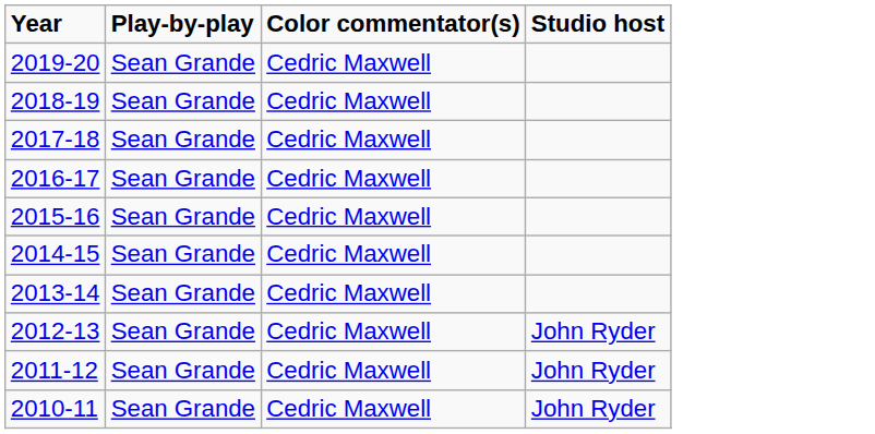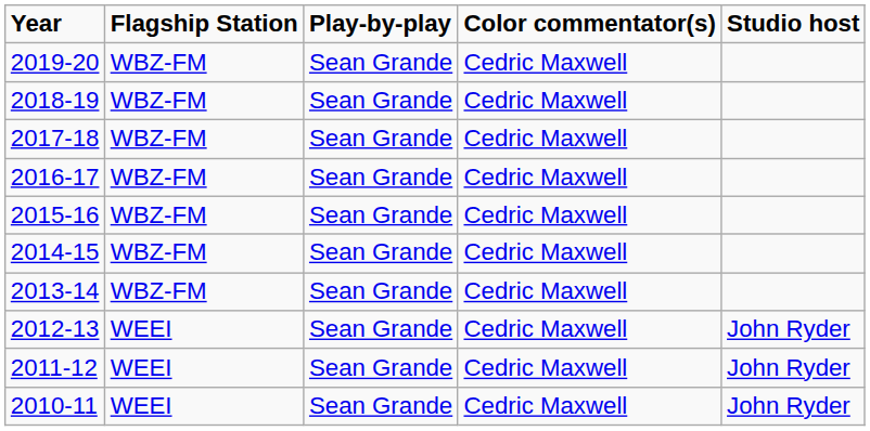 <table class="wikitable">
 <tr>
 <td><strong>Year</strong></td>
+<td><strong>Flagship Station</strong></td>
 <td><strong>Play-by-play</strong></td>
 <td><strong>Color commentator(s)</strong></td>
 <td><strong>Studio host</strong></td>
 </tr>
 <tr>
 <td><a href='#'>2019-20</a></td>
+<td><a href='#'>WBZ-FM</a></td>
 <td><a href='#'>Sean Grande</a></td>
 <td><a href='#'>Cedric Maxwell</a></td>
 <td></td>
 </tr>
 <tr>
 <td><a href='#'>2018-19</a></td>
+<td><a href='#'>WBZ-FM</a></td>
 <td><a href='#'>Sean Grande</a></td>
 <td><a href='#'>Cedric Maxwell</a></td>
 <td></td>
 </tr>
 <tr>
 <td><a href='#'>2017-18</a></td>
+<td><a href='#'>WBZ-FM</a></td>
 <td><a href='#'>Sean Grande</a></td>
 <td><a href='#'>Cedric Maxwell</a></td>
 <td></td>
 </tr>
 <tr>
 <td><a href='#'>2016-17</a></td>
+<td><a href='#'>WBZ-FM</a></td>
 <td><a href='#'>Sean Grande</a></td>
 <td><a href='#'>Cedric Maxwell</a></td>
 <td></td>
 </tr>
 <tr>
 <td><a href='#'>2015-16</a></td>
+<td><a href='#'>WBZ-FM</a></td>
 <td><a href='#'>Sean Grande</a></td>
 <td><a href='#'>Cedric Maxwell</a></td>
 <td></td>
 </tr>
 <tr>
 <td><a href='#'>2014-15</a></td>
+<td><a href='#'>WBZ-FM</a></td>
 <td><a href='#'>Sean Grande</a></td>
 <td><a href='#'>Cedric Maxwell</a></td>
 <td></td>
 </tr>
 <tr>
 <td><a href='#'>2013-14</a></td>
+<td><a href='#'>WBZ-FM</a></td>
 <td><a href='#'>Sean Grande</a></td>
 <td><a href='#'>Cedric Maxwell</a></td>
 <td></td>
 </tr>
 <tr>
 <td><a href='#'>2012-13</a></td>
+<td><a href='#'>WEEI</a></td>
 <td><a href='#'>Sean Grande</a></td>
 <td><a href='#'>Cedric Maxwell</a></td>
 <td><a href='#'>John Ryder</a></td>
 </tr>
 <tr>
 <td><a href='#'>2011-12</a></td>
+<td><a href='#'>WEEI</a></td>
 <td><a href='#'>Sean Grande</a></td>
 <td><a href='#'>Cedric Maxwell</a></td>
 <td><a href='#'>John Ryder</a></td>
 </tr>
 <tr>
 <td><a href='#'>2010-11</a></td>
+<td><a href='#'>WEEI</a></td>
 <td><a href='#'>Sean Grande</a></td>
 <td><a href='#'>Cedric Maxwell</a></td>
 <td><a href='#'>John Ryder</a></td>
 </tr>
 </table>
